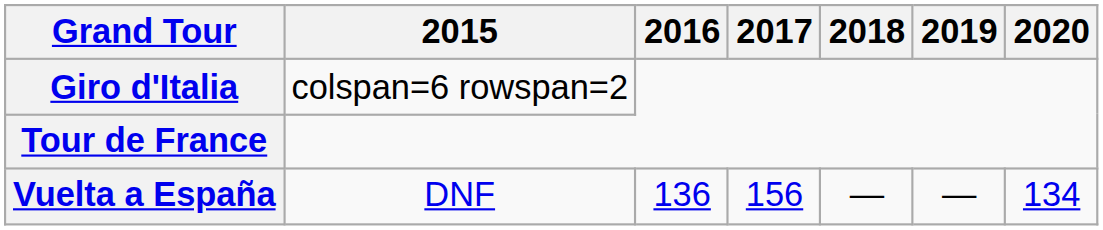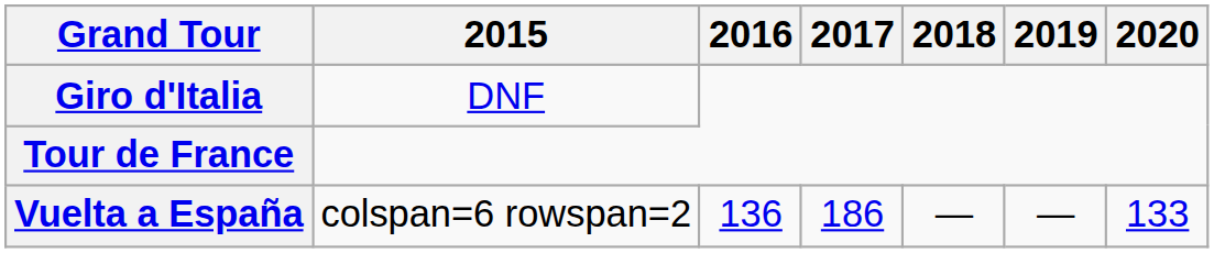 <table class="wikitable plainrowheaders">
 <tr>
 <th scope="col"><a href='#'>Grand Tour</a></th>
 <th scope="col">2015</th>
 <th scope="col">2016</th>
 <th scope="col">2017</th>
 <th scope="col">2018</th>
 <th scope="col">2019</th>
 <th scope="col">2020</th>
 </tr>
 <tr style="text-align:center;">
 <th scope="row"> <a href='#'>Giro d'Italia</a></th>
-<td>colspan=6 rowspan=2 </td>
+<td><a href='#'>DNF</a></td>
 </tr>
 <tr style="text-align:center;">
 <th scope="row"> <a href='#'>Tour de France</a></th>
 </tr>
 <tr style="text-align:center;">
 <th scope="row"> <a href='#'>Vuelta a España</a></th>
-<td><a href='#'>DNF</a></td>
+<td>colspan=6 rowspan=2 </td>
 <td><a href='#'>136</a></td>
-<td><a href='#'>156</a></td>
+<td><a href='#'>186</a></td>
 <td>—</td>
 <td>—</td>
-<td><a href='#'>134</a></td>
+<td><a href='#'>133</a></td>
 </tr>
 </table>
